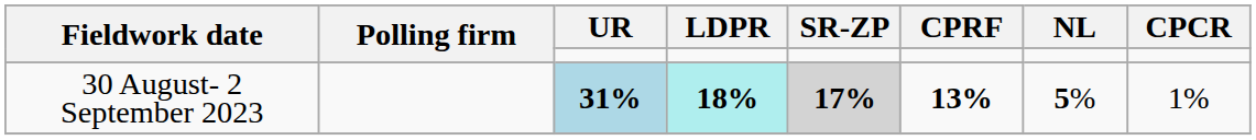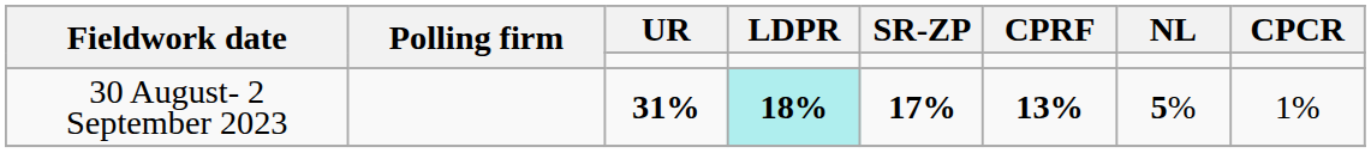 <table class=wikitable style="font-size:95%; line-height:14px; text-align:center">
 <tr>
 <th style=width:200px; rowspan=2>Fieldwork date</th>
 <th style=width:150px; rowspan=2>Polling firm</th>
 <th style="width:60px;">UR</th>
 <th style="width:60px;">LDPR</th>
 <th style="width:60px;">SR-ZP</th>
 <th style="width:60px;">CPRF</th>
 <th style="width:60px;">NL</th>
 <th style="width:60px;">CPCR</th>
 </tr>
 <tr>
 <td bgcolor=></td>
 <td bgcolor=></td>
 <td bgcolor=></td>
 <td bgcolor=></td>
 <td bgcolor=></td>
 <td bgcolor=></td>
 </tr>
 <tr align=center>
 <td>30 August- 2 September 2023</td>
 <td></td>
-<td style="background: lightblue;"><strong>31%</strong></td>
+<td><strong>31%</strong></td>
 <td style="background: paleturquoise;"><strong>18%</strong></td>
-<td style="background: lightgrey;"><strong>17%</strong></td>
+<td><strong>17%</strong></td>
 <td><strong>13%</strong></td>
 <td><strong>5</strong>%</td>
 <td>1%</td>
 </tr>
 <tr>
 </tr>
 </table>
